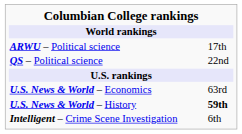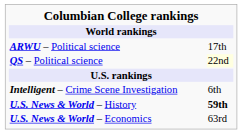 <table class="infobox" style="width: 22em;">
 <tr>
 <th colspan="2" style="font-size: 100%; text-align: center;"><big>Columbian College rankings</big></th>
 </tr>
 <tr>
 <th colspan="2" style="font-size: 100%; text-align: center; background-color:#E6E6FA">World rankings</th>
 </tr>
 <tr>
 <td><strong><em><a href='#'>ARWU</a></em></strong> – <a href='#'>Political science</a></td>
 <td>17th</td>
 </tr>
 <tr>
 <td><strong><em><a href='#'>QS</a></em></strong>  – <a href='#'>Political science</a></td>
-<td>22nd</td>
+<td style="background: lightyellow;">22nd</td>
 </tr>
 <tr>
 <th colspan="2" style="font-size: 100%; text-align: center; background-color:#E6E6FA">U.S. rankings</th>
 </tr>
 <tr>
-<td><strong><em><a href='#'>U.S. News & World</a></em></strong> – <a href='#'>Economics</a></td>
-<td>63rd</td>
+<td><strong><em>Intelligent</em></strong> – <a href='#'>Crime Scene Investigation</a></td>
+<td>6th</td>
 </tr>
 <tr>
 <td><strong><em><a href='#'>U.S. News & World</a></em></strong> – <a href='#'>History</a></td>
 <td><strong>59th</strong></td>
 </tr>
 <tr>
-<td><strong><em>Intelligent</em></strong> – <a href='#'>Crime Scene Investigation</a></td>
-<td>6th</td>
+<td><strong><em><a href='#'>U.S. News & World</a></em></strong> – <a href='#'>Economics</a></td>
+<td>63rd</td>
 </tr>
 </table>
